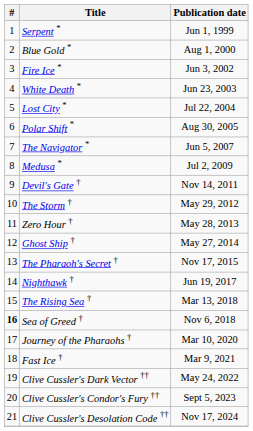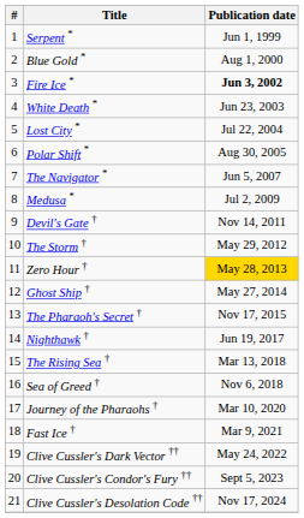 <table class=wikitable>
 <tr>
 <th> # </th>
 <th>Title</th>
 <th>Publication date</th>
 </tr>
 <tr>
 <td style="text-align:center">1</td>
 <td><em><a href='#'>Serpent</a></em> <sup>*</sup></td>
 <td style="text-align:center">Jun 1, 1999</td>
 </tr>
 <tr>
 <td style="text-align:center">2</td>
 <td><em>Blue Gold</em> <sup>*</sup></td>
 <td style="text-align:center">Aug 1, 2000</td>
 </tr>
 <tr>
 <td style="text-align:center">3</td>
 <td><em><a href='#'>Fire Ice</a></em> <sup>*</sup></td>
-<td style="text-align:center">Jun 3, 2002</td>
+<td style="text-align:center"><strong>Jun 3, 2002</strong></td>
 </tr>
 <tr>
 <td style="text-align:center">4</td>
 <td><em><a href='#'>White Death</a></em> <sup>*</sup></td>
 <td style="text-align:center">Jun 23, 2003</td>
 </tr>
 <tr>
 <td style="text-align:center">5</td>
 <td><em><a href='#'>Lost City</a></em> <sup>*</sup></td>
 <td style="text-align:center">Jul 22, 2004</td>
 </tr>
 <tr>
 <td style="text-align:center">6</td>
 <td><em><a href='#'>Polar Shift</a></em> <sup>*</sup></td>
 <td style="text-align:center">Aug 30, 2005</td>
 </tr>
 <tr>
 <td style="text-align:center">7</td>
 <td><em><a href='#'>The Navigator</a></em> <sup>*</sup></td>
 <td style="text-align:center">Jun 5, 2007</td>
 </tr>
 <tr>
 <td style="text-align:center">8</td>
 <td><em><a href='#'>Medusa</a></em> <sup>*</sup></td>
 <td style="text-align:center">Jul 2, 2009</td>
 </tr>
 <tr>
 <td style="text-align:center">9</td>
 <td><em><a href='#'>Devil's Gate</a></em> <sup>†</sup></td>
 <td style="text-align:center">Nov 14, 2011</td>
 </tr>
 <tr>
 <td style="text-align:center">10</td>
 <td><em><a href='#'>The Storm</a></em> <sup>†</sup></td>
 <td style="text-align:center">May 29, 2012</td>
 </tr>
 <tr>
 <td style="text-align:center">11</td>
 <td><em>Zero Hour</em> <sup>†</sup></td>
-<td style="text-align:center">May 28, 2013</td>
+<td style="background: gold; text-align:center">May 28, 2013</td>
 </tr>
 <tr>
 <td style="text-align:center">12</td>
 <td><em><a href='#'>Ghost Ship</a></em> <sup>†</sup></td>
 <td style="text-align:center">May 27, 2014</td>
 </tr>
 <tr>
 <td style="text-align:center">13</td>
 <td><em><a href='#'>The Pharaoh's Secret</a></em> <sup>†</sup></td>
 <td style="text-align:center">Nov 17, 2015</td>
 </tr>
 <tr>
 <td style="text-align:center">14</td>
 <td><em><a href='#'>Nighthawk</a></em> <sup>†</sup></td>
 <td style="text-align:center">Jun 19, 2017</td>
 </tr>
 <tr>
 <td style="text-align:center">15</td>
 <td><em><a href='#'>The Rising Sea</a></em> <sup>†</sup></td>
 <td style="text-align:center">Mar 13, 2018</td>
 </tr>
 <tr>
-<td style="text-align:center"><strong>16</strong></td>
+<td style="text-align:center">16</td>
 <td><em>Sea of Greed</em> <sup>†</sup></td>
 <td style="text-align:center">Nov 6, 2018</td>
 </tr>
 <tr>
 <td style="text-align:center">17</td>
 <td><em>Journey of the Pharaohs</em> <sup>†</sup></td>
 <td style="text-align:center">Mar 10, 2020</td>
 </tr>
 <tr>
 <td style="text-align:center">18</td>
 <td><em>Fast Ice</em> <sup>†</sup></td>
 <td style="text-align:center">Mar 9, 2021</td>
 </tr>
 <tr>
 <td style="text-align:center">19</td>
 <td><em>Clive Cussler's Dark Vector</em> <sup>††</sup></td>
 <td style="text-align:center">May 24, 2022</td>
 </tr>
 <tr>
 <td style="text-align:center">20</td>
 <td><em>Clive Cussler's Condor's Fury</em> <sup>††</sup></td>
 <td style="text-align:center">Sept 5, 2023</td>
 </tr>
 <tr>
 <td style="text-align:center">21</td>
 <td><em>Clive Cussler's Desolation Code</em> <sup>††</sup></td>
 <td style="text-align:center">Nov 17, 2024</td>
 </tr>
 <tr>
 </tr>
 </table>
